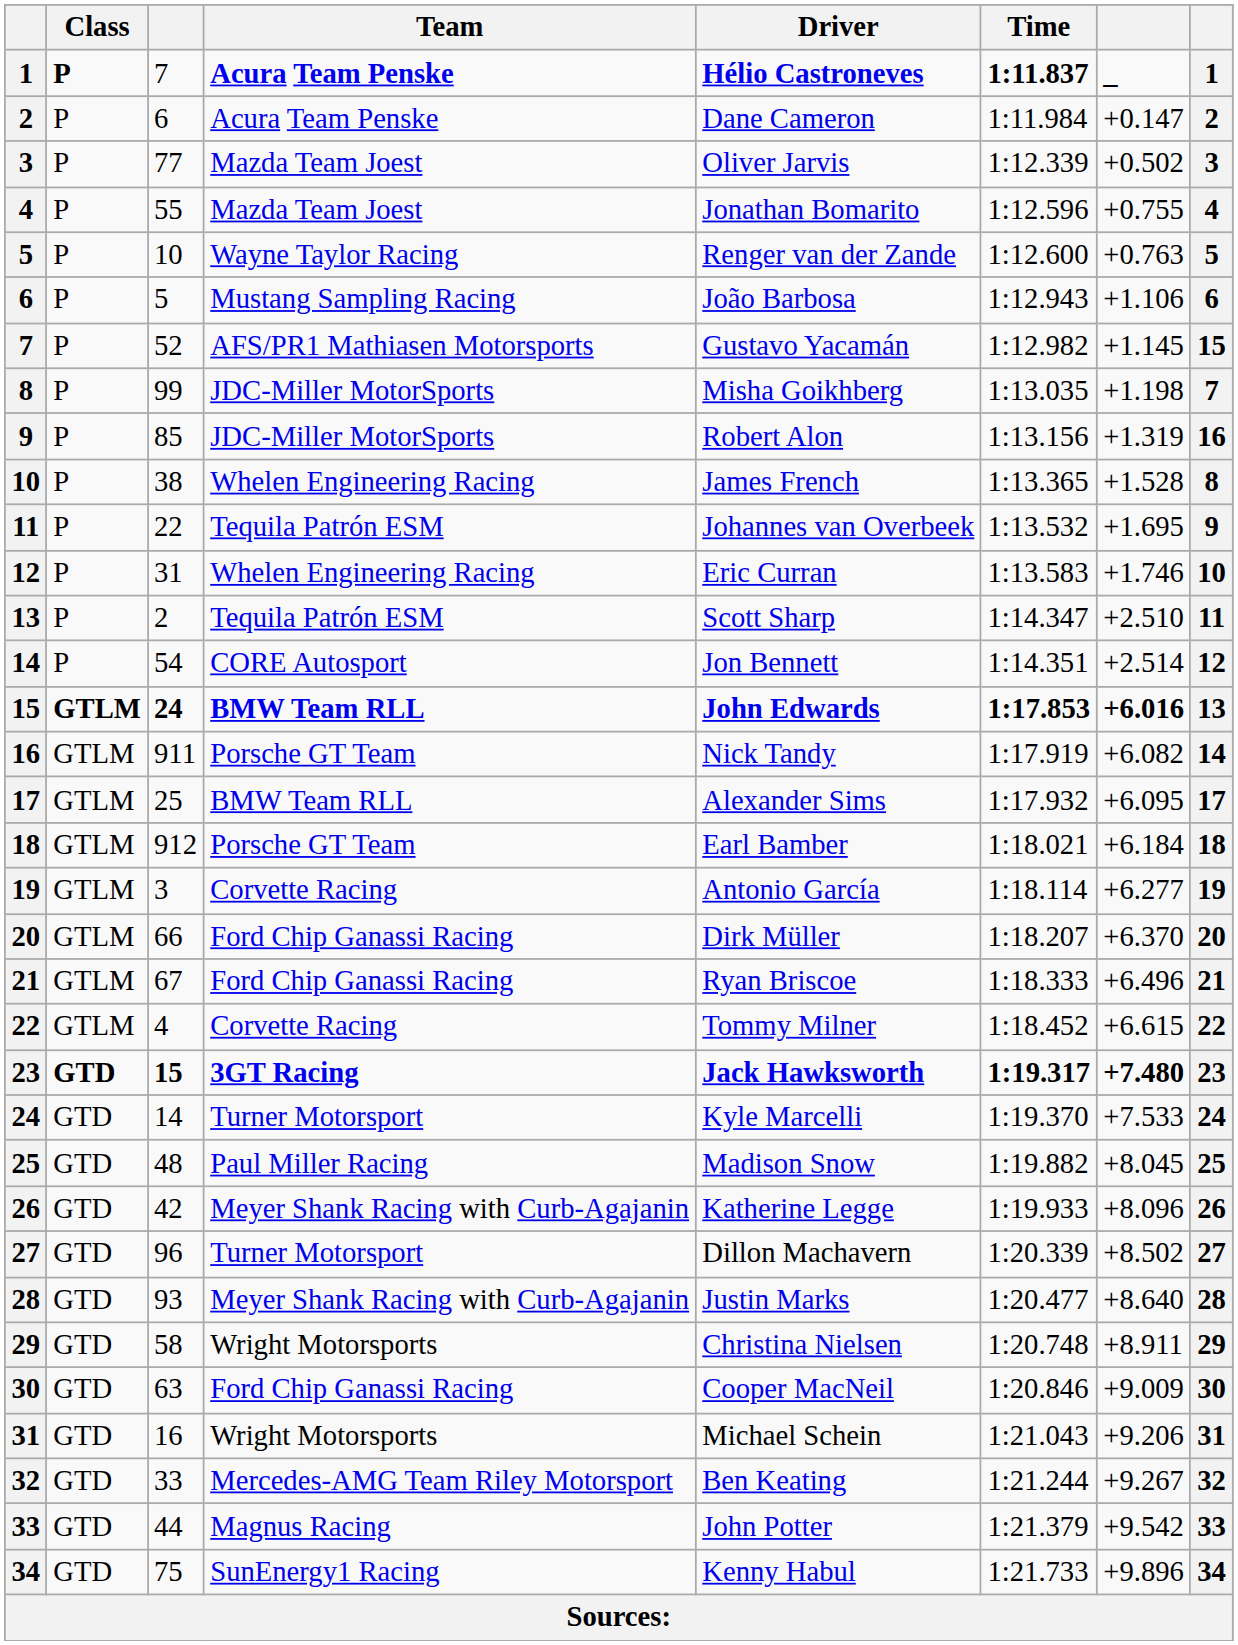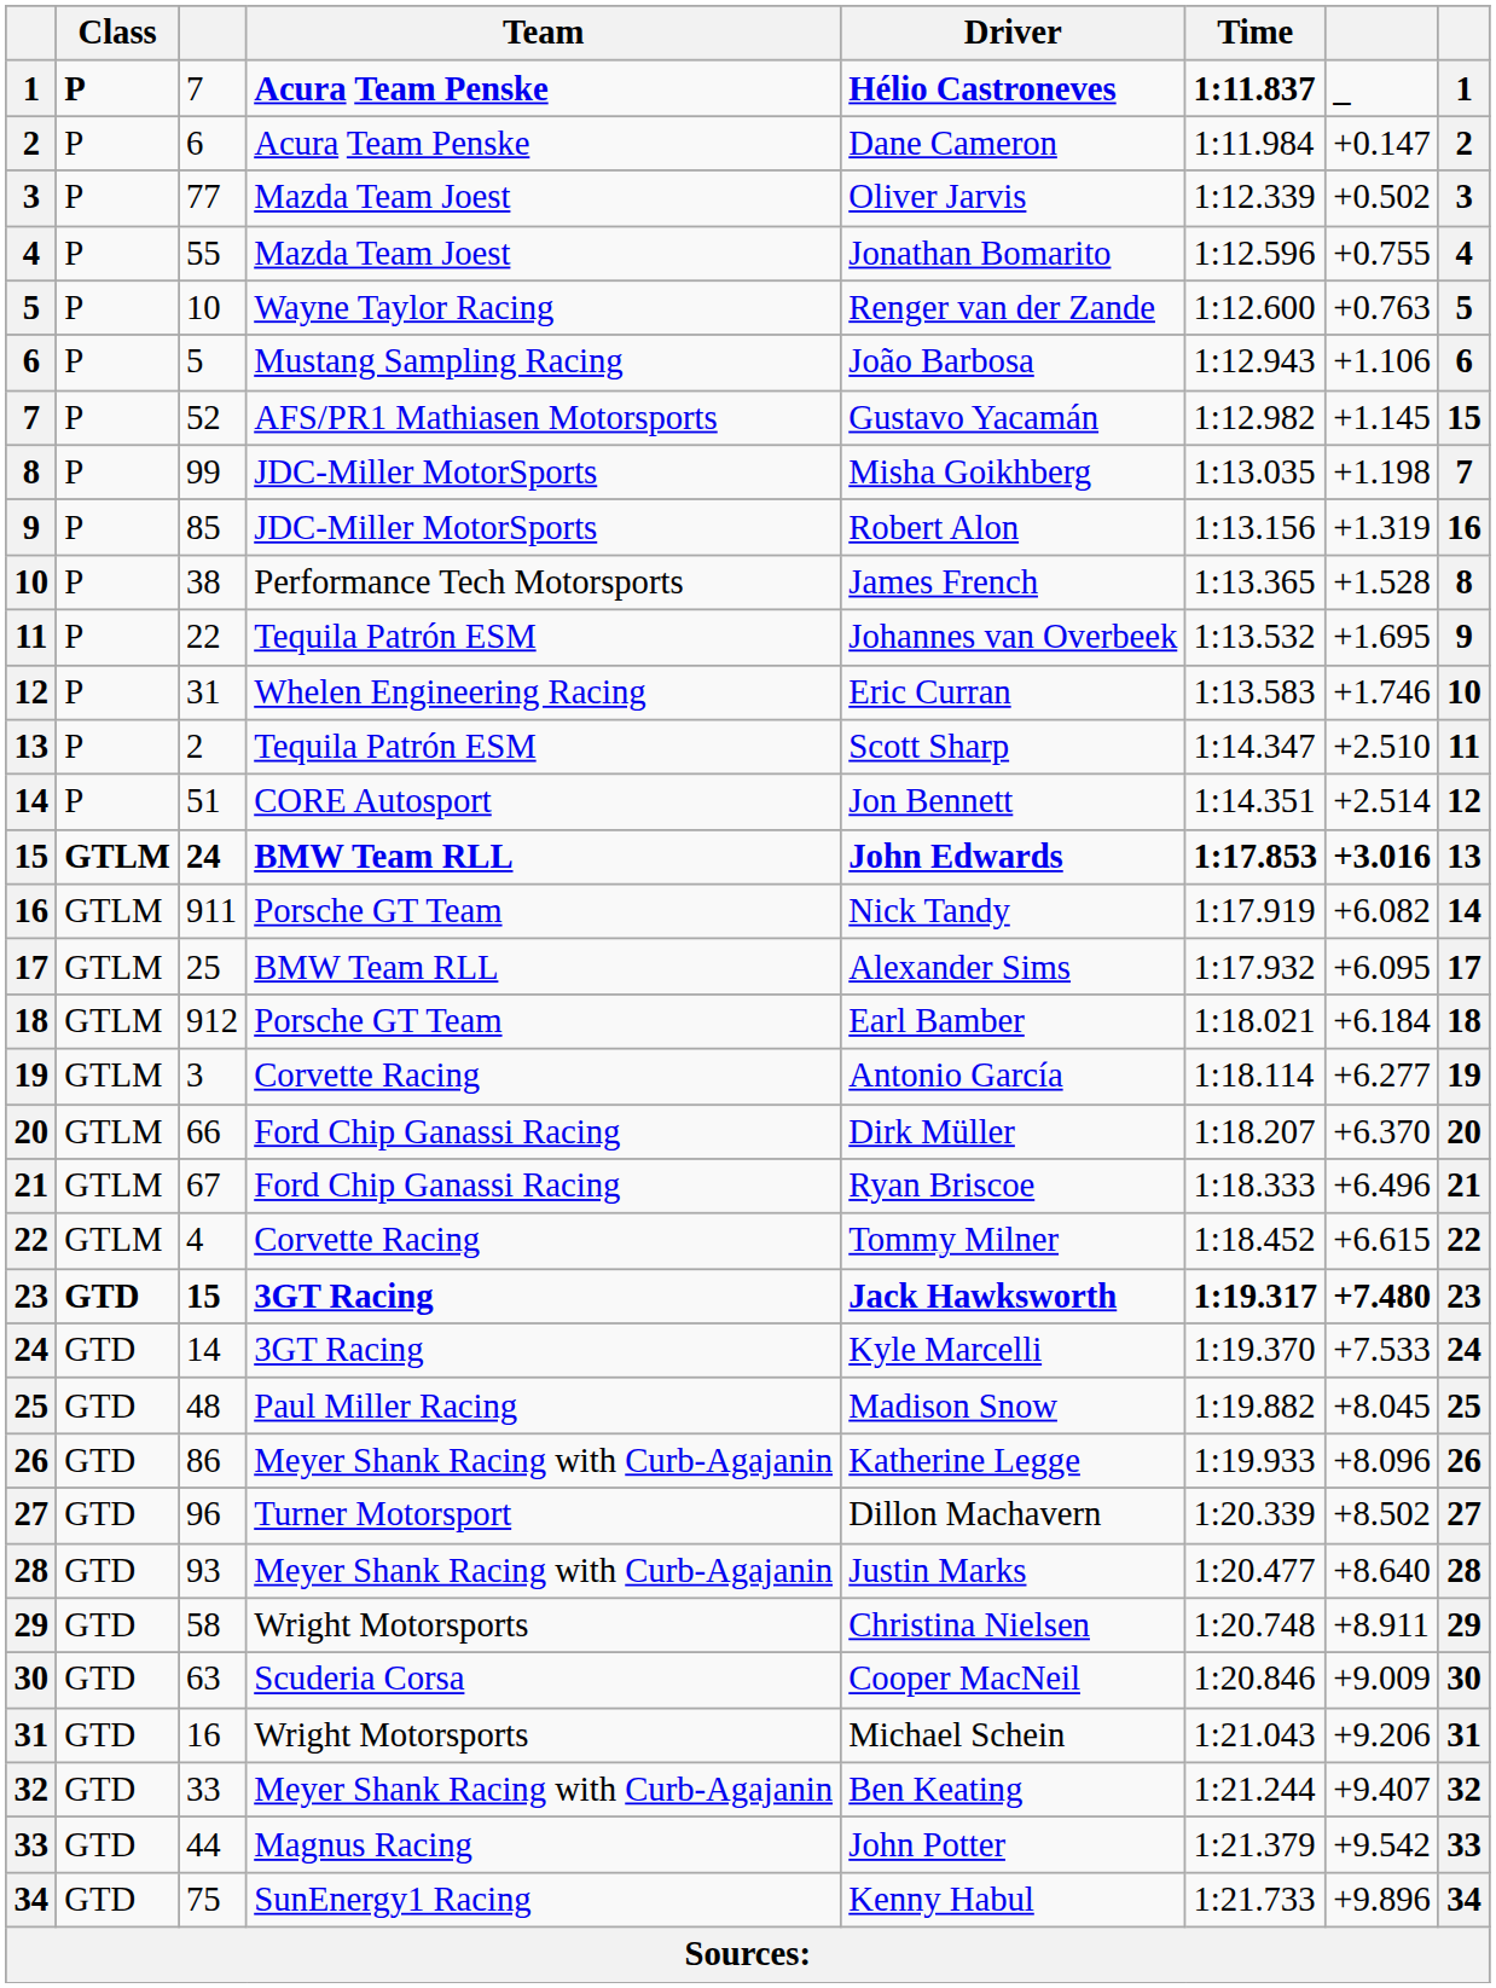 <table class="wikitable">
 <tr>
 <th scope="col"></th>
 <th scope="col">Class</th>
 <th scope="col"></th>
 <th scope="col">Team</th>
 <th scope="col">Driver</th>
 <th scope="col">Time</th>
 <th scope="col"></th>
 <th scope="col"></th>
 </tr>
 <tr>
 <th scope="row">1</th>
 <td><strong>P</strong></td>
 <td>7</td>
 <td><strong> <a href='#'>Acura</a> <a href='#'>Team Penske</a></strong></td>
 <td><strong> <a href='#'>Hélio Castroneves</a></strong></td>
 <td><strong>1:11.837</strong></td>
 <td><strong>_</strong></td>
 <th><strong>1</strong></th>
 </tr>
 <tr>
 <th scope="row">2</th>
 <td>P</td>
 <td>6</td>
 <td> <a href='#'>Acura</a> <a href='#'>Team Penske</a></td>
 <td> <a href='#'>Dane Cameron</a></td>
 <td>1:11.984</td>
 <td>+0.147</td>
 <th>2</th>
 </tr>
 <tr>
 <th scope="row">3</th>
 <td>P</td>
 <td>77</td>
 <td> <a href='#'>Mazda Team Joest</a></td>
 <td> <a href='#'>Oliver Jarvis</a></td>
 <td>1:12.339</td>
 <td>+0.502</td>
 <th>3</th>
 </tr>
 <tr>
 <th scope="row">4</th>
 <td>P</td>
 <td>55</td>
 <td> <a href='#'>Mazda Team Joest</a></td>
 <td> <a href='#'>Jonathan Bomarito</a></td>
 <td>1:12.596</td>
 <td>+0.755</td>
 <th>4</th>
 </tr>
 <tr>
 <th scope="row">5</th>
 <td>P</td>
 <td>10</td>
 <td> <a href='#'>Wayne Taylor Racing</a></td>
 <td> <a href='#'>Renger van der Zande</a></td>
 <td>1:12.600</td>
 <td>+0.763</td>
 <th>5</th>
 </tr>
 <tr>
 <th scope="row">6</th>
 <td>P</td>
 <td>5</td>
 <td> <a href='#'>Mustang Sampling Racing</a></td>
 <td> <a href='#'>João Barbosa</a></td>
 <td>1:12.943</td>
 <td>+1.106</td>
 <th>6</th>
 </tr>
 <tr>
 <th scope="row">7</th>
 <td>P</td>
 <td>52</td>
 <td> <a href='#'>AFS/PR1 Mathiasen Motorsports</a></td>
 <td> <a href='#'>Gustavo Yacamán</a></td>
 <td>1:12.982</td>
 <td>+1.145</td>
 <th>15</th>
 </tr>
 <tr>
 <th scope="row">8</th>
 <td>P</td>
 <td>99</td>
 <td> <a href='#'>JDC-Miller MotorSports</a></td>
 <td> <a href='#'>Misha Goikhberg</a></td>
 <td>1:13.035</td>
 <td>+1.198</td>
 <th>7</th>
 </tr>
 <tr>
 <th scope="row">9</th>
 <td>P</td>
 <td>85</td>
 <td> <a href='#'>JDC-Miller MotorSports</a></td>
 <td> <a href='#'>Robert Alon</a></td>
 <td>1:13.156</td>
 <td>+1.319</td>
 <th>16</th>
 </tr>
 <tr>
 <th scope="row">10</th>
 <td>P</td>
 <td>38</td>
-<td> <a href='#'>Whelen Engineering Racing</a></td>
+<td> Performance Tech Motorsports</td>
 <td> <a href='#'>James French</a></td>
 <td>1:13.365</td>
 <td>+1.528</td>
 <th>8</th>
 </tr>
 <tr>
 <th scope="row">11</th>
 <td>P</td>
 <td>22</td>
 <td> <a href='#'>Tequila Patrón ESM</a></td>
 <td> <a href='#'>Johannes van Overbeek</a></td>
 <td>1:13.532</td>
 <td>+1.695</td>
 <th>9</th>
 </tr>
 <tr>
 <th scope="row">12</th>
 <td>P</td>
 <td>31</td>
 <td> <a href='#'>Whelen Engineering Racing</a></td>
 <td> <a href='#'>Eric Curran</a></td>
 <td>1:13.583</td>
 <td>+1.746</td>
 <th>10</th>
 </tr>
 <tr>
 <th scope="row">13</th>
 <td>P</td>
 <td>2</td>
 <td> <a href='#'>Tequila Patrón ESM</a></td>
 <td> <a href='#'>Scott Sharp</a></td>
 <td>1:14.347</td>
 <td>+2.510</td>
 <th>11</th>
 </tr>
 <tr>
 <th scope="row">14</th>
 <td>P</td>
-<td>54</td>
+<td>51</td>
 <td> <a href='#'>CORE Autosport</a></td>
 <td> <a href='#'>Jon Bennett</a></td>
 <td>1:14.351</td>
 <td>+2.514</td>
 <th>12</th>
 </tr>
 <tr>
 <th scope="row">15</th>
 <td><strong>GTLM</strong></td>
 <td><strong>24</strong></td>
 <td><strong> <a href='#'>BMW Team RLL</a></strong></td>
 <td><strong> <a href='#'>John Edwards</a></strong></td>
 <td><strong>1:17.853</strong></td>
-<td><strong>+6.016</strong></td>
+<td><strong>+3.016</strong></td>
 <th>13</th>
 </tr>
 <tr>
 <th scope="row">16</th>
 <td>GTLM</td>
 <td>911</td>
 <td> <a href='#'>Porsche GT Team</a></td>
 <td> <a href='#'>Nick Tandy</a></td>
 <td>1:17.919</td>
 <td>+6.082</td>
 <th>14</th>
 </tr>
 <tr>
 <th scope="row">17</th>
 <td>GTLM</td>
 <td>25</td>
 <td> <a href='#'>BMW Team RLL</a></td>
 <td> <a href='#'>Alexander Sims</a></td>
 <td>1:17.932</td>
 <td>+6.095</td>
 <th><strong>17</strong></th>
 </tr>
 <tr>
 <th scope="row">18</th>
 <td>GTLM</td>
 <td>912</td>
 <td> <a href='#'>Porsche GT Team</a></td>
 <td> <a href='#'>Earl Bamber</a></td>
 <td>1:18.021</td>
 <td>+6.184</td>
 <th>18</th>
 </tr>
 <tr>
 <th scope="row">19</th>
 <td>GTLM</td>
 <td>3</td>
 <td> <a href='#'>Corvette Racing</a></td>
 <td> <a href='#'>Antonio García</a></td>
 <td>1:18.114</td>
 <td>+6.277</td>
 <th>19</th>
 </tr>
 <tr>
 <th scope="row">20</th>
 <td>GTLM</td>
 <td>66</td>
 <td> <a href='#'>Ford Chip Ganassi Racing</a></td>
 <td> <a href='#'>Dirk Müller</a></td>
 <td>1:18.207</td>
 <td>+6.370</td>
 <th>20</th>
 </tr>
 <tr>
 <th scope="row">21</th>
 <td>GTLM</td>
 <td>67</td>
 <td> <a href='#'>Ford Chip Ganassi Racing</a></td>
 <td> <a href='#'>Ryan Briscoe</a></td>
 <td>1:18.333</td>
 <td>+6.496</td>
 <th>21</th>
 </tr>
 <tr>
 <th scope="row">22</th>
 <td>GTLM</td>
 <td>4</td>
 <td> <a href='#'>Corvette Racing</a></td>
 <td> <a href='#'>Tommy Milner</a></td>
 <td>1:18.452</td>
 <td>+6.615</td>
 <th>22</th>
 </tr>
 <tr>
 <th scope="row">23</th>
 <td><strong>GTD</strong></td>
 <td><strong>15</strong></td>
 <td><strong> <a href='#'>3GT Racing</a></strong></td>
 <td><strong> <a href='#'>Jack Hawksworth</a></strong></td>
 <td><strong>1:19.317</strong></td>
 <td><strong>+7.480</strong></td>
 <th>23</th>
 </tr>
 <tr>
 <th scope="row">24</th>
 <td>GTD</td>
 <td>14</td>
-<td> <a href='#'>Turner Motorsport</a></td>
+<td> <a href='#'>3GT Racing</a></td>
 <td> <a href='#'>Kyle Marcelli</a></td>
 <td>1:19.370</td>
 <td>+7.533</td>
 <th>24</th>
 </tr>
 <tr>
 <th scope="row">25</th>
 <td>GTD</td>
 <td>48</td>
 <td> <a href='#'>Paul Miller Racing</a></td>
 <td> <a href='#'>Madison Snow</a></td>
 <td>1:19.882</td>
 <td>+8.045</td>
 <th><strong>25</strong></th>
 </tr>
 <tr>
 <th scope="row">26</th>
 <td>GTD</td>
-<td>42</td>
+<td>86</td>
 <td> <a href='#'>Meyer Shank Racing</a> with <a href='#'>Curb-Agajanin</a></td>
 <td> <a href='#'>Katherine Legge</a></td>
 <td>1:19.933</td>
 <td>+8.096</td>
 <th>26</th>
 </tr>
 <tr>
 <th scope="row">27</th>
 <td>GTD</td>
 <td>96</td>
 <td> <a href='#'>Turner Motorsport</a></td>
 <td> Dillon Machavern</td>
 <td>1:20.339</td>
 <td>+8.502</td>
 <th>27</th>
 </tr>
 <tr>
 <th scope="row">28</th>
 <td>GTD</td>
 <td>93</td>
 <td> <a href='#'>Meyer Shank Racing</a> with <a href='#'>Curb-Agajanin</a></td>
 <td> <a href='#'>Justin Marks</a></td>
 <td>1:20.477</td>
 <td>+8.640</td>
 <th>28</th>
 </tr>
 <tr>
 <th scope="row">29</th>
 <td>GTD</td>
 <td>58</td>
 <td> Wright Motorsports</td>
 <td> <a href='#'>Christina Nielsen</a></td>
 <td>1:20.748</td>
 <td>+8.911</td>
 <th>29</th>
 </tr>
 <tr>
 <th scope="row">30</th>
 <td>GTD</td>
 <td>63</td>
-<td> <a href='#'>Ford Chip Ganassi Racing</a></td>
+<td> <a href='#'>Scuderia Corsa</a></td>
 <td> <a href='#'>Cooper MacNeil</a></td>
 <td>1:20.846</td>
 <td>+9.009</td>
 <th>30</th>
 </tr>
 <tr>
 <th scope="row">31</th>
 <td>GTD</td>
 <td>16</td>
 <td> Wright Motorsports</td>
 <td> Michael Schein</td>
 <td>1:21.043</td>
 <td>+9.206</td>
 <th>31</th>
 </tr>
 <tr>
 <th scope="row">32</th>
 <td>GTD</td>
 <td>33</td>
-<td> <a href='#'>Mercedes-AMG Team Riley Motorsport</a></td>
+<td> <a href='#'>Meyer Shank Racing</a> with <a href='#'>Curb-Agajanin</a></td>
 <td> <a href='#'>Ben Keating</a></td>
 <td>1:21.244</td>
-<td>+9.267</td>
+<td>+9.407</td>
 <th>32</th>
 </tr>
 <tr>
 <th scope="row">33</th>
 <td>GTD</td>
 <td>44</td>
 <td> <a href='#'>Magnus Racing</a></td>
 <td> <a href='#'>John Potter</a></td>
 <td>1:21.379</td>
 <td>+9.542</td>
 <th>33</th>
 </tr>
 <tr>
 <th scope="row">34</th>
 <td>GTD</td>
 <td>75</td>
 <td> <a href='#'>SunEnergy1 Racing</a></td>
 <td> <a href='#'>Kenny Habul</a></td>
 <td>1:21.733</td>
 <td>+9.896</td>
 <th>34</th>
 </tr>
 <tr>
 <th colspan="8">Sources:</th>
 </tr>
 <tr>
 </tr>
 </table>
